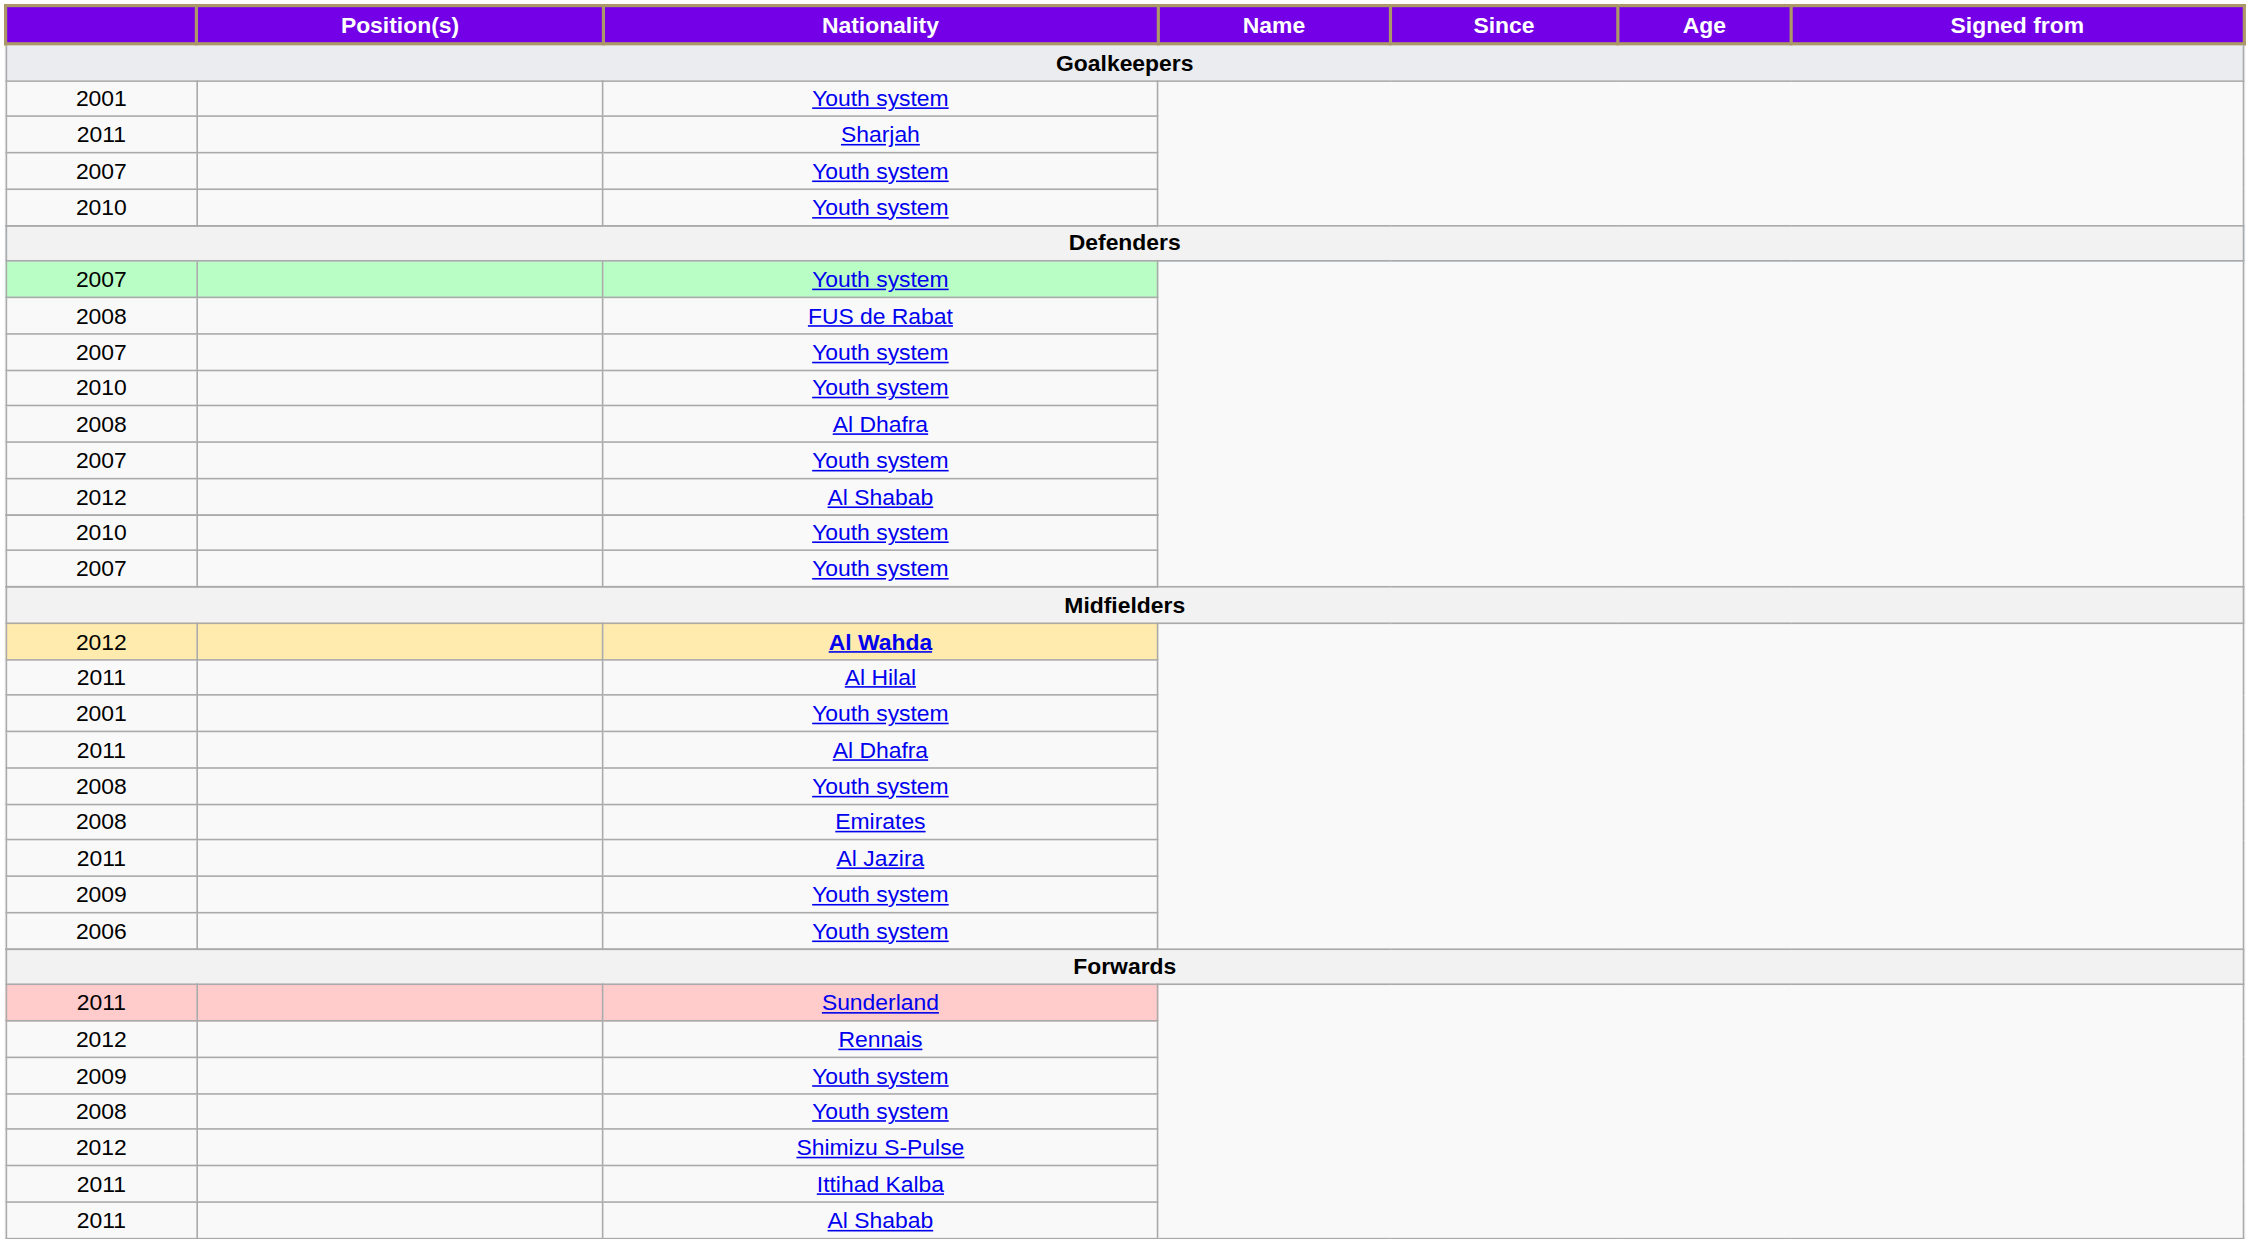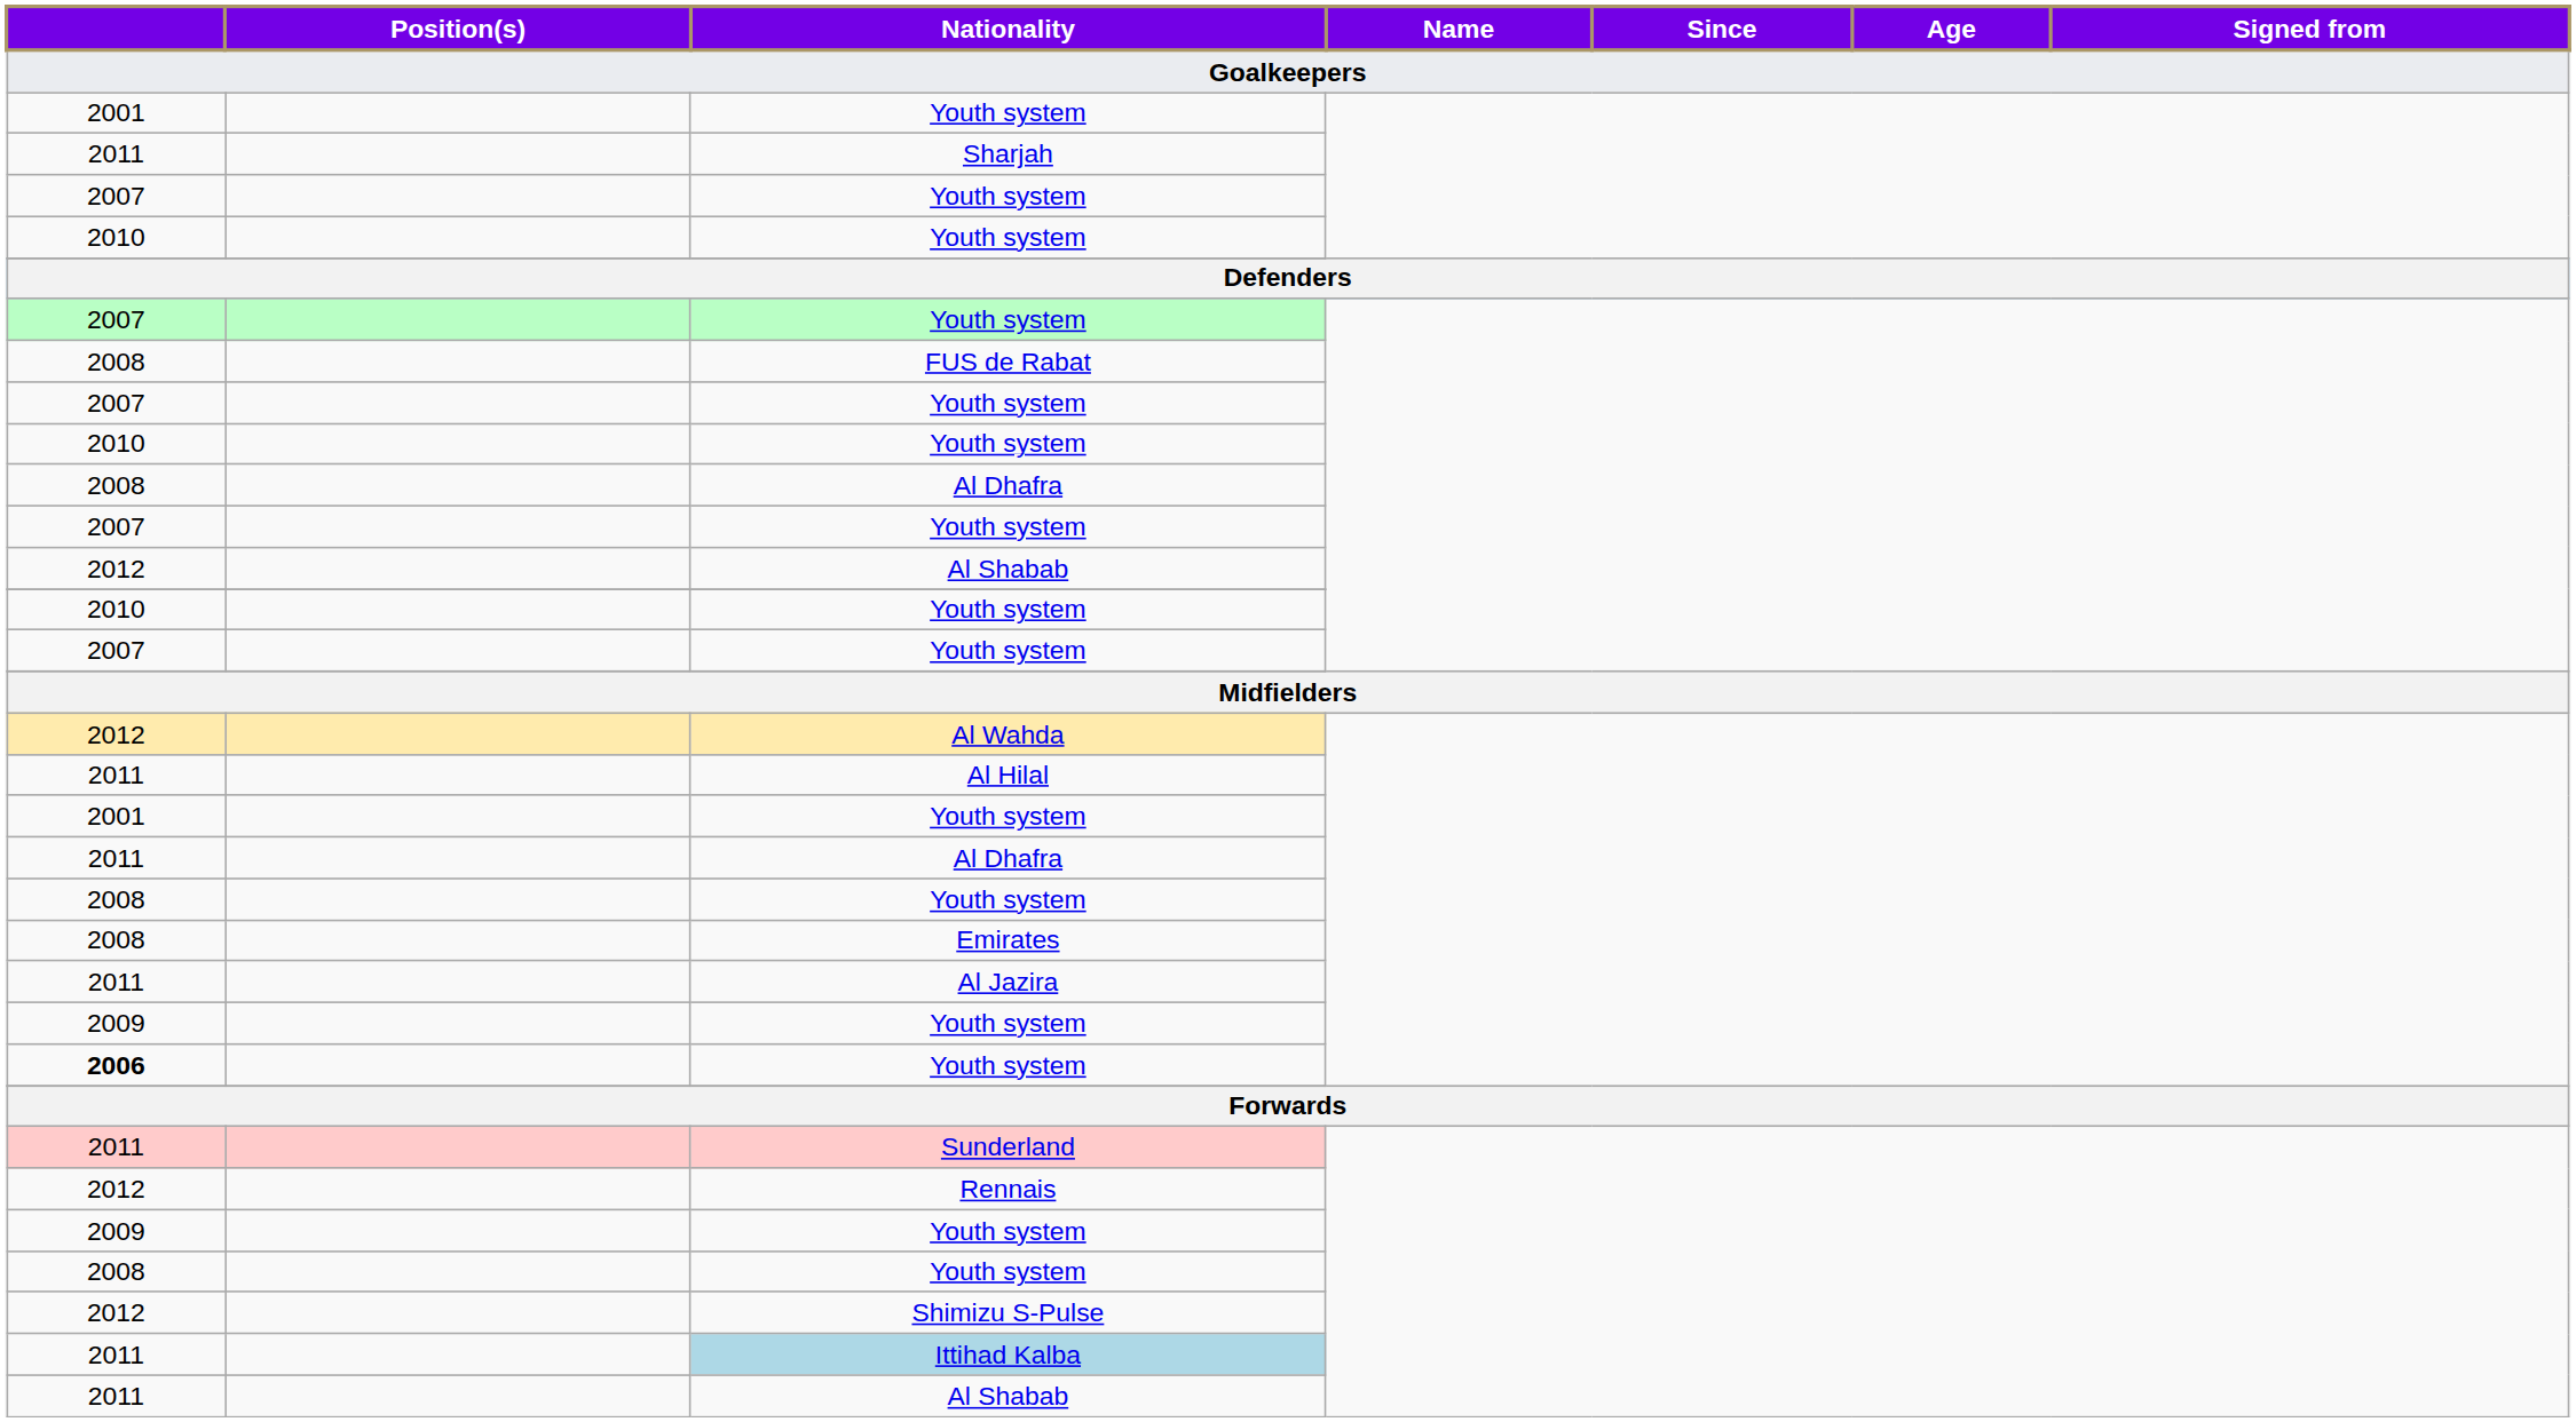 <table class="wikitable sortable" style="width:89%; text-align:center; font-size:90%; text-align:centre;">
 <tr>
 <th style="color:#FFFFFF; background: #7300E6; border:2px solid #AB9767;"></th>
 <th style="color:#FFFFFF; background: #7300E6; border:2px solid #AB9767;">Position(s)</th>
 <th style="color:#FFFFFF; background: #7300E6; border:2px solid #AB9767;">Nationality</th>
 <th style="color:#FFFFFF; background: #7300E6; border:2px solid #AB9767;">Name</th>
 <th style="color:#FFFFFF; background: #7300E6; border:2px solid #AB9767;">Since</th>
 <th style="color:#FFFFFF; background: #7300E6; border:2px solid #AB9767;">Age</th>
 <th style="color:#FFFFFF; background: #7300E6; border:2px solid #AB9767;">Signed from</th>
 </tr>
 <tr>
 <th colspan="9" style="background:#EAECF0; text-align:center;">Goalkeepers</th>
 </tr>
 <tr>
 <td>2001</td>
 <td></td>
 <td><a href='#'>Youth system</a></td>
 </tr>
 <tr>
 <td>2011</td>
 <td></td>
 <td> <a href='#'>Sharjah</a></td>
 </tr>
 <tr>
 <td>2007</td>
 <td></td>
 <td><a href='#'>Youth system</a></td>
 </tr>
 <tr>
 <td>2010</td>
 <td></td>
 <td><a href='#'>Youth system</a></td>
 </tr>
 <tr>
 </tr>
 <tr align="center" style="background:#7EC0EE">
 <th colspan="18">Defenders</th>
 </tr>
 <tr align="center" style="background:#B9FFC5">
 <td>2007</td>
 <td></td>
 <td><a href='#'>Youth system</a></td>
 </tr>
 <tr>
 <td>2008</td>
 <td></td>
 <td> <a href='#'>FUS de Rabat</a></td>
 </tr>
 <tr>
 <td>2007</td>
 <td></td>
 <td><a href='#'>Youth system</a></td>
 </tr>
 <tr>
 <td>2010</td>
 <td></td>
 <td><a href='#'>Youth system</a></td>
 </tr>
 <tr>
 <td>2008</td>
 <td></td>
 <td> <a href='#'>Al Dhafra</a></td>
 </tr>
 <tr>
 <td>2007</td>
 <td></td>
 <td><a href='#'>Youth system</a></td>
 </tr>
 <tr>
 <td>2012</td>
 <td></td>
 <td> <a href='#'>Al Shabab</a></td>
 </tr>
 <tr>
 </tr>
 <tr>
 <td>2010</td>
 <td></td>
 <td><a href='#'>Youth system</a></td>
 </tr>
 <tr>
 <td>2007</td>
 <td></td>
 <td><a href='#'>Youth system</a></td>
 </tr>
 <tr>
 </tr>
 <tr align="center" style="background:#DCDCDC">
 <th colspan="18">Midfielders</th>
 </tr>
 <tr align="center" style="background:#FFEBAD">
 <td>2012</td>
 <td></td>
-<td><strong> <a href='#'>Al Wahda</a></strong></td>
+<td> <a href='#'>Al Wahda</a></td>
 </tr>
 <tr>
 <td>2011</td>
 <td></td>
 <td> <a href='#'>Al Hilal</a></td>
 </tr>
 <tr>
 <td>2001</td>
 <td></td>
 <td><a href='#'>Youth system</a></td>
 </tr>
 <tr>
 <td>2011</td>
 <td></td>
 <td> <a href='#'>Al Dhafra</a></td>
 </tr>
 <tr>
 <td>2008</td>
 <td></td>
 <td><a href='#'>Youth system</a></td>
 </tr>
 <tr>
 <td>2008</td>
 <td></td>
 <td> <a href='#'>Emirates</a></td>
 </tr>
 <tr>
 <td>2011</td>
 <td></td>
 <td> <a href='#'>Al Jazira</a></td>
 </tr>
 <tr>
 <td>2009</td>
 <td></td>
 <td><a href='#'>Youth system</a></td>
 </tr>
 <tr>
-<td>2006</td>
+<td><strong>2006</strong></td>
 <td></td>
 <td><a href='#'>Youth system</a></td>
 </tr>
 <tr>
 </tr>
 <tr align="left" style="background:#DCDCDC">
 <th colspan="18">Forwards</th>
 </tr>
 <tr align="center" style="background:#FFCBCB">
 <td>2011</td>
 <td></td>
 <td> <a href='#'>Sunderland</a></td>
 </tr>
 <tr>
 <td>2012</td>
 <td></td>
 <td> <a href='#'>Rennais</a></td>
 </tr>
 <tr>
 <td>2009</td>
 <td></td>
 <td><a href='#'>Youth system</a></td>
 </tr>
 <tr>
 <td>2008</td>
 <td></td>
 <td><a href='#'>Youth system</a></td>
 </tr>
 <tr>
 <td>2012</td>
 <td></td>
 <td> <a href='#'>Shimizu S-Pulse</a></td>
 </tr>
 <tr>
 <td>2011</td>
 <td></td>
-<td> <a href='#'>Ittihad Kalba</a></td>
+<td style="background: lightblue;"> <a href='#'>Ittihad Kalba</a></td>
 </tr>
 <tr>
 <td>2011</td>
 <td></td>
 <td> <a href='#'>Al Shabab</a></td>
 </tr>
 </table>
